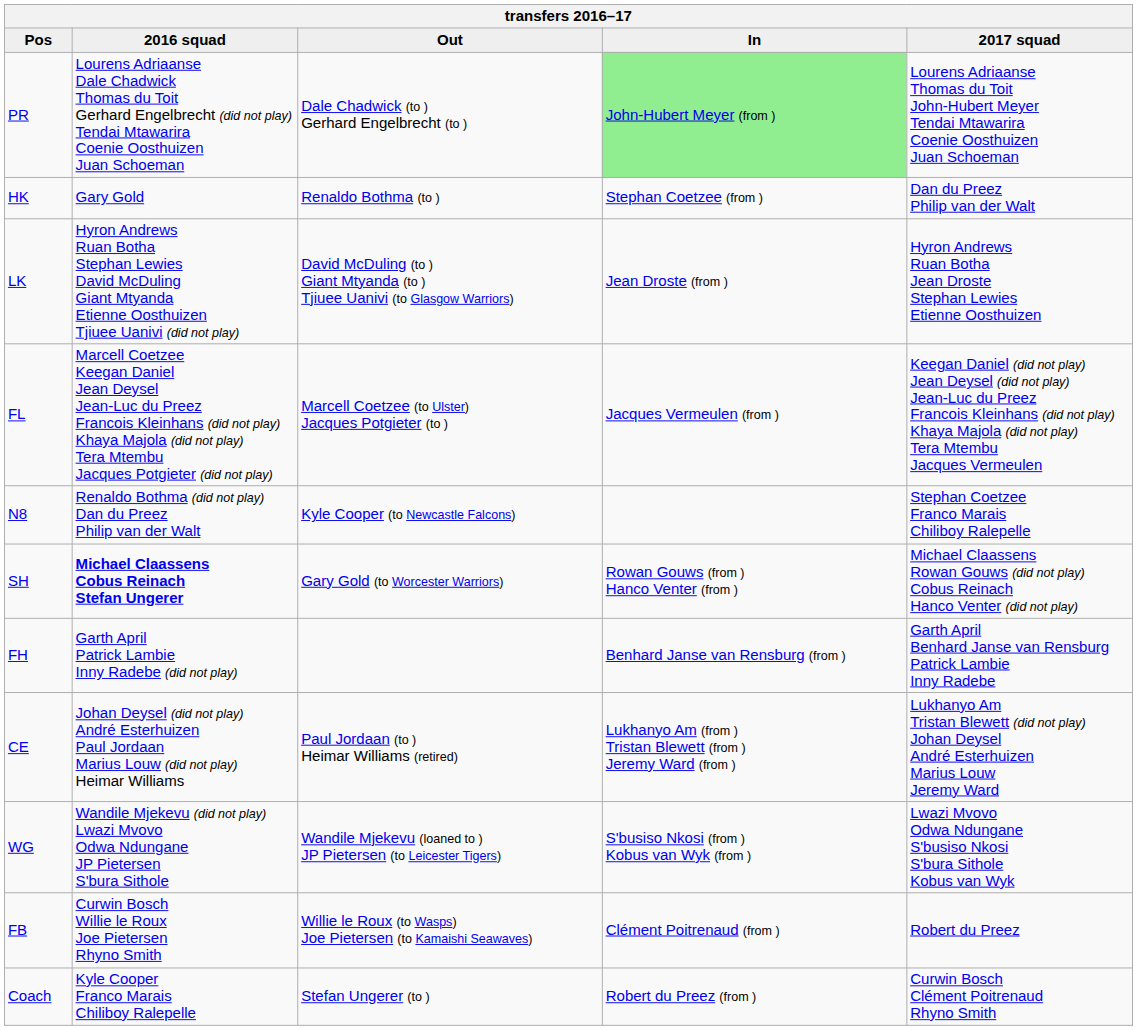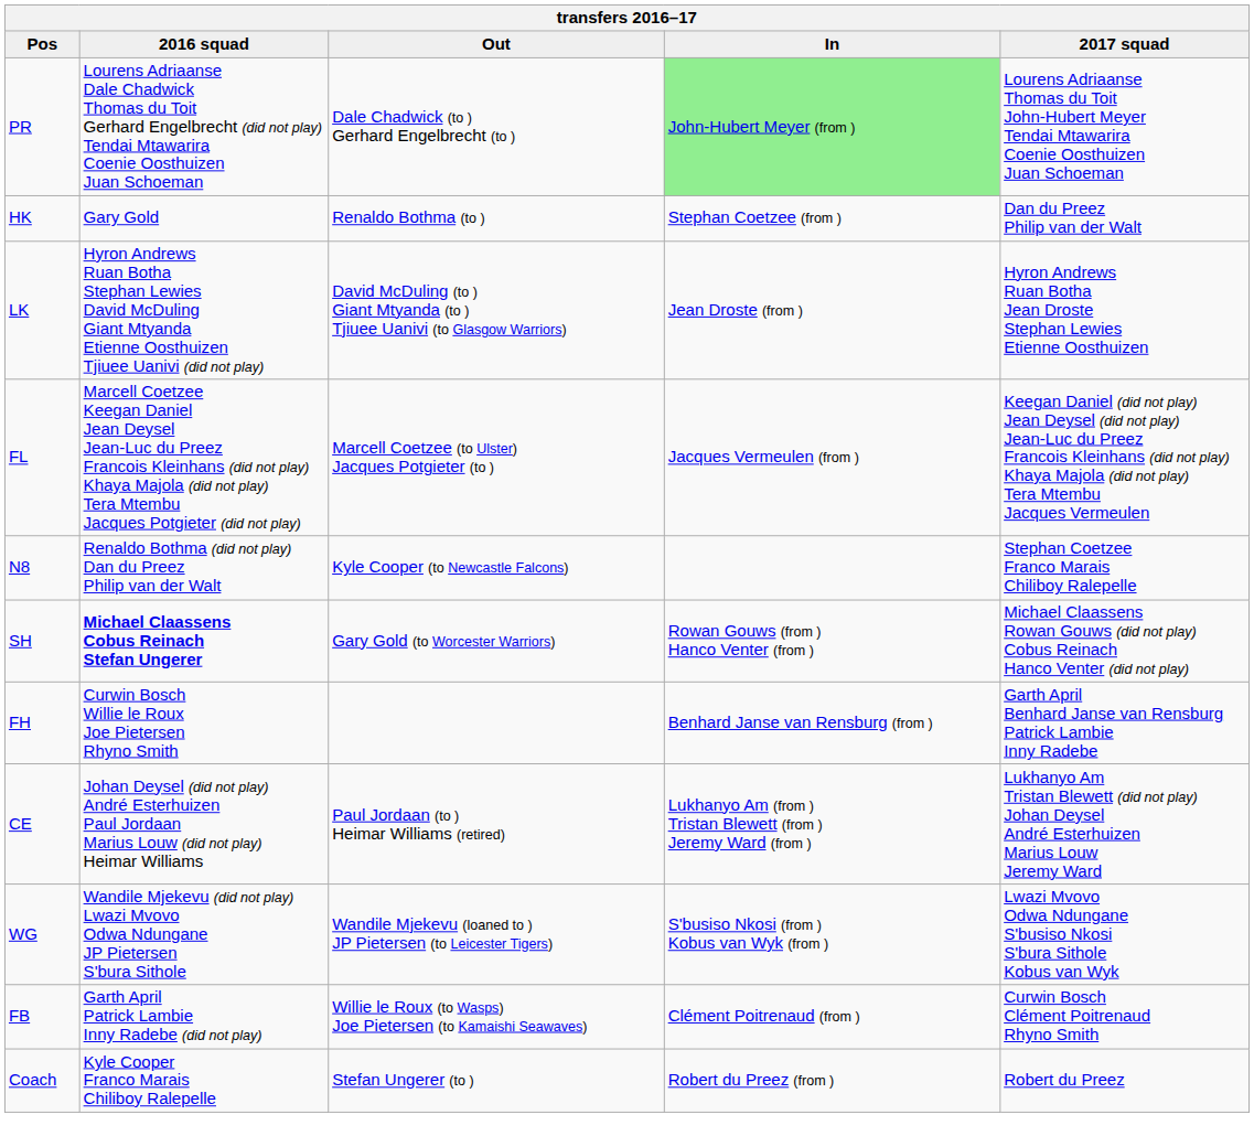 <table class="wikitable" style="text-align: left; width:95%">
 <tr>
 <th colspan="100%"> transfers 2016–17</th>
 </tr>
 <tr>
 <th style="background:#efefef; width:6%;">Pos</th>
 <th style="background:#efefef; width:20%;">2016 squad</th>
 <th style="background:#efefef; width:27%;">Out</th>
 <th style="background:#efefef; width:27%;">In</th>
 <th style="background:#efefef; width:20%;">2017 squad</th>
 </tr>
 <tr>
 <td><a href='#'>PR</a></td>
 <td> <a href='#'>Lourens Adriaanse</a> <br> <a href='#'>Dale Chadwick</a> <br> <a href='#'>Thomas du Toit</a> <br> Gerhard Engelbrecht <small><em>(did not play)</em></small> <br> <a href='#'>Tendai Mtawarira</a> <br> <a href='#'>Coenie Oosthuizen</a> <br> <a href='#'>Juan Schoeman</a></td>
 <td>  <a href='#'>Dale Chadwick</a> <small>(to )</small> <br>  Gerhard Engelbrecht <small>(to )</small></td>
 <td style="background: lightgreen;">  <a href='#'>John-Hubert Meyer</a> <small>(from )</small></td>
 <td> <a href='#'>Lourens Adriaanse</a> <br> <a href='#'>Thomas du Toit</a> <br> <a href='#'>John-Hubert Meyer</a> <br> <a href='#'>Tendai Mtawarira</a> <br> <a href='#'>Coenie Oosthuizen</a> <br> <a href='#'>Juan Schoeman</a></td>
 </tr>
 <tr>
 <td><a href='#'>HK</a></td>
 <td> <a href='#'>Gary Gold</a></td>
 <td>  <a href='#'>Renaldo Bothma</a> <small>(to )</small></td>
 <td>  <a href='#'>Stephan Coetzee</a> <small>(from )</small></td>
 <td> <a href='#'>Dan du Preez</a> <br> <a href='#'>Philip van der Walt</a></td>
 </tr>
 <tr>
 <td><a href='#'>LK</a></td>
 <td> <a href='#'>Hyron Andrews</a> <br> <a href='#'>Ruan Botha</a> <br> <a href='#'>Stephan Lewies</a> <br> <a href='#'>David McDuling</a> <br> <a href='#'>Giant Mtyanda</a> <br> <a href='#'>Etienne Oosthuizen</a> <br> <a href='#'>Tjiuee Uanivi</a> <small><em>(did not play)</em></small></td>
 <td>  <a href='#'>David McDuling</a> <small>(to )</small> <br>  <a href='#'>Giant Mtyanda</a> <small>(to )</small> <br>  <a href='#'>Tjiuee Uanivi</a> <small>(to  <a href='#'>Glasgow Warriors</a>)</small></td>
 <td>  <a href='#'>Jean Droste</a> <small>(from )</small></td>
 <td> <a href='#'>Hyron Andrews</a> <br> <a href='#'>Ruan Botha</a> <br> <a href='#'>Jean Droste</a> <br> <a href='#'>Stephan Lewies</a> <br> <a href='#'>Etienne Oosthuizen</a></td>
 </tr>
 <tr>
 <td><a href='#'>FL</a></td>
 <td> <a href='#'>Marcell Coetzee</a> <br> <a href='#'>Keegan Daniel</a> <br> <a href='#'>Jean Deysel</a> <br> <a href='#'>Jean-Luc du Preez</a> <br> <a href='#'>Francois Kleinhans</a> <small><em>(did not play)</em></small> <br> <a href='#'>Khaya Majola</a> <small><em>(did not play)</em></small> <br> <a href='#'>Tera Mtembu</a> <br> <a href='#'>Jacques Potgieter</a> <small><em>(did not play)</em></small></td>
 <td>  <a href='#'>Marcell Coetzee</a> <small>(to  <a href='#'>Ulster</a>)</small> <br>  <a href='#'>Jacques Potgieter</a> <small>(to )</small></td>
 <td>  <a href='#'>Jacques Vermeulen</a> <small>(from )</small></td>
 <td> <a href='#'>Keegan Daniel</a> <small><em>(did not play)</em></small> <br> <a href='#'>Jean Deysel</a> <small><em>(did not play)</em></small> <br> <a href='#'>Jean-Luc du Preez</a> <br> <a href='#'>Francois Kleinhans</a> <small><em>(did not play)</em></small> <br> <a href='#'>Khaya Majola</a> <small><em>(did not play)</em></small> <br> <a href='#'>Tera Mtembu</a> <br> <a href='#'>Jacques Vermeulen</a></td>
 </tr>
 <tr>
 <td><a href='#'>N8</a></td>
 <td> <a href='#'>Renaldo Bothma</a> <small><em>(did not play)</em></small> <br> <a href='#'>Dan du Preez</a> <br> <a href='#'>Philip van der Walt</a></td>
 <td>  <a href='#'>Kyle Cooper</a> <small>(to  <a href='#'>Newcastle Falcons</a>)</small></td>
 <td></td>
 <td> <a href='#'>Stephan Coetzee</a> <br> <a href='#'>Franco Marais</a> <br> <a href='#'>Chiliboy Ralepelle</a></td>
 </tr>
 <tr>
 <td><a href='#'>SH</a></td>
 <td><strong> <a href='#'>Michael Claassens</a> <br> <a href='#'>Cobus Reinach</a> <br> <a href='#'>Stefan Ungerer</a></strong></td>
 <td>  <a href='#'>Gary Gold</a> <small>(to  <a href='#'>Worcester Warriors</a>)</small></td>
 <td>  <a href='#'>Rowan Gouws</a> <small>(from )</small> <br>  <a href='#'>Hanco Venter</a> <small>(from )</small></td>
 <td> <a href='#'>Michael Claassens</a> <br> <a href='#'>Rowan Gouws</a> <small><em>(did not play)</em></small> <br> <a href='#'>Cobus Reinach</a> <br> <a href='#'>Hanco Venter</a> <small><em>(did not play)</em></small></td>
 </tr>
 <tr>
 <td><a href='#'>FH</a></td>
-<td> <a href='#'>Garth April</a> <br> <a href='#'>Patrick Lambie</a> <br> <a href='#'>Inny Radebe</a> <small><em>(did not play)</em></small></td>
+<td> <a href='#'>Curwin Bosch</a> <br> <a href='#'>Willie le Roux</a> <br> <a href='#'>Joe Pietersen</a> <br> <a href='#'>Rhyno Smith</a></td>
 <td></td>
 <td>  <a href='#'>Benhard Janse van Rensburg</a> <small>(from )</small></td>
 <td> <a href='#'>Garth April</a> <br> <a href='#'>Benhard Janse van Rensburg</a> <br> <a href='#'>Patrick Lambie</a> <br> <a href='#'>Inny Radebe</a></td>
 </tr>
 <tr>
 <td><a href='#'>CE</a></td>
 <td> <a href='#'>Johan Deysel</a> <small><em>(did not play)</em></small> <br> <a href='#'>André Esterhuizen</a> <br> <a href='#'>Paul Jordaan</a> <br> <a href='#'>Marius Louw</a> <small><em>(did not play)</em></small> <br> Heimar Williams</td>
 <td>  <a href='#'>Paul Jordaan</a> <small>(to )</small> <br>  Heimar Williams <small>(retired)</small></td>
 <td>  <a href='#'>Lukhanyo Am</a> <small>(from )</small> <br>  <a href='#'>Tristan Blewett</a> <small>(from )</small> <br>  <a href='#'>Jeremy Ward</a> <small>(from )</small></td>
 <td> <a href='#'>Lukhanyo Am</a> <br> <a href='#'>Tristan Blewett</a> <small><em>(did not play)</em></small> <br> <a href='#'>Johan Deysel</a> <br> <a href='#'>André Esterhuizen</a> <br> <a href='#'>Marius Louw</a> <br> <a href='#'>Jeremy Ward</a></td>
 </tr>
 <tr>
 <td><a href='#'>WG</a></td>
 <td> <a href='#'>Wandile Mjekevu</a> <small><em>(did not play)</em></small> <br> <a href='#'>Lwazi Mvovo</a> <br> <a href='#'>Odwa Ndungane</a> <br> <a href='#'>JP Pietersen</a> <br> <a href='#'>S'bura Sithole</a></td>
 <td>  <a href='#'>Wandile Mjekevu</a> <small>(loaned to )</small> <br>  <a href='#'>JP Pietersen</a> <small>(to  <a href='#'>Leicester Tigers</a>)</small></td>
 <td>  <a href='#'>S'busiso Nkosi</a> <small>(from )</small> <br>  <a href='#'>Kobus van Wyk</a> <small>(from )</small></td>
 <td> <a href='#'>Lwazi Mvovo</a> <br> <a href='#'>Odwa Ndungane</a> <br> <a href='#'>S'busiso Nkosi</a> <br> <a href='#'>S'bura Sithole</a> <br> <a href='#'>Kobus van Wyk</a></td>
 </tr>
 <tr>
 <td><a href='#'>FB</a></td>
-<td> <a href='#'>Curwin Bosch</a> <br> <a href='#'>Willie le Roux</a> <br> <a href='#'>Joe Pietersen</a> <br> <a href='#'>Rhyno Smith</a></td>
+<td> <a href='#'>Garth April</a> <br> <a href='#'>Patrick Lambie</a> <br> <a href='#'>Inny Radebe</a> <small><em>(did not play)</em></small></td>
 <td>  <a href='#'>Willie le Roux</a> <small>(to  <a href='#'>Wasps</a>)</small> <br>  <a href='#'>Joe Pietersen</a> <small>(to  <a href='#'>Kamaishi Seawaves</a>)</small></td>
 <td>  <a href='#'>Clément Poitrenaud</a> <small>(from )</small></td>
-<td> <a href='#'>Robert du Preez</a></td>
+<td> <a href='#'>Curwin Bosch</a> <br> <a href='#'>Clément Poitrenaud</a> <br> <a href='#'>Rhyno Smith</a></td>
 </tr>
 <tr>
 <td><a href='#'>Coach</a></td>
 <td> <a href='#'>Kyle Cooper</a> <br> <a href='#'>Franco Marais</a> <br> <a href='#'>Chiliboy Ralepelle</a></td>
 <td>  <a href='#'>Stefan Ungerer</a> <small>(to )</small></td>
 <td>  <a href='#'>Robert du Preez</a> <small>(from )</small></td>
-<td> <a href='#'>Curwin Bosch</a> <br> <a href='#'>Clément Poitrenaud</a> <br> <a href='#'>Rhyno Smith</a></td>
+<td> <a href='#'>Robert du Preez</a></td>
 </tr>
 </table>
